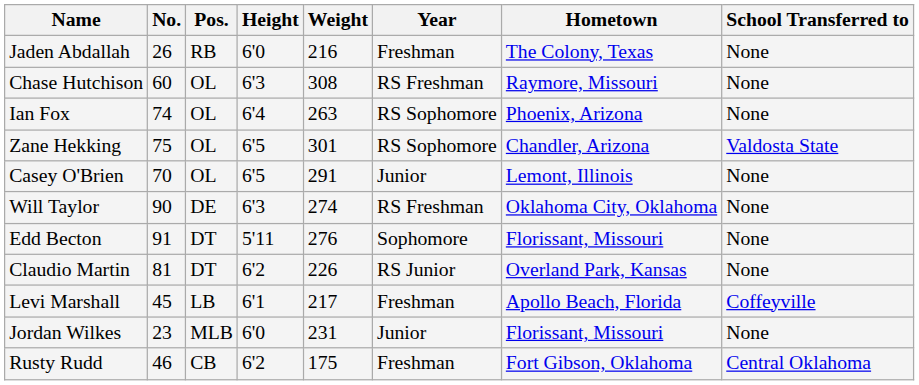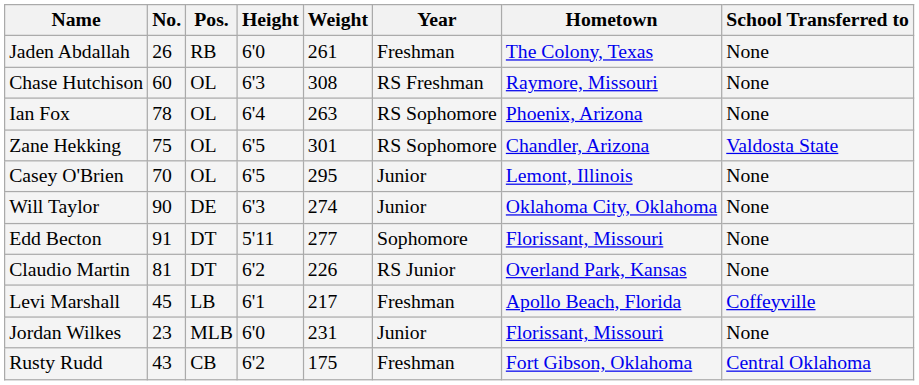 <table class="wikitable sortable">
 <tr>
 <th>Name</th>
 <th>No.</th>
 <th>Pos.</th>
 <th>Height</th>
 <th>Weight</th>
 <th>Year</th>
 <th>Hometown</th>
 <th class="unsortable">School Transferred to</th>
 </tr>
 <tr style="background:#F4F4F4;">
 <td>Jaden Abdallah</td>
 <td>26</td>
 <td>RB</td>
 <td>6'0</td>
-<td>216</td>
+<td>261</td>
 <td>Freshman</td>
 <td><a href='#'>The Colony, Texas</a></td>
 <td>None</td>
 </tr>
 <tr style="background:#F4F4F4;">
 <td>Chase Hutchison</td>
 <td>60</td>
 <td>OL</td>
 <td>6'3</td>
 <td>308</td>
 <td>RS Freshman</td>
 <td><a href='#'>Raymore, Missouri</a></td>
 <td>None</td>
 </tr>
 <tr style="background:#F4F4F4;">
 <td>Ian Fox</td>
-<td>74</td>
+<td>78</td>
 <td>OL</td>
 <td>6'4</td>
 <td>263</td>
 <td>RS Sophomore</td>
 <td><a href='#'>Phoenix, Arizona</a></td>
 <td>None</td>
 </tr>
 <tr style="background:#F4F4F4;">
 <td>Zane Hekking</td>
 <td>75</td>
 <td>OL</td>
 <td>6'5</td>
 <td>301</td>
 <td>RS Sophomore</td>
 <td><a href='#'>Chandler, Arizona</a></td>
 <td><a href='#'>Valdosta State</a></td>
 </tr>
 <tr style="background:#F4F4F4;">
 <td>Casey O'Brien</td>
 <td>70</td>
 <td>OL</td>
 <td>6'5</td>
-<td>291</td>
+<td>295</td>
 <td>Junior</td>
 <td><a href='#'>Lemont, Illinois</a></td>
 <td>None</td>
 </tr>
 <tr style="background:#F4F4F4;">
 <td>Will Taylor</td>
 <td>90</td>
 <td>DE</td>
 <td>6'3</td>
 <td>274</td>
-<td>RS Freshman</td>
+<td>Junior</td>
 <td><a href='#'>Oklahoma City, Oklahoma</a></td>
 <td>None</td>
 </tr>
 <tr style="background:#F4F4F4;">
 <td>Edd Becton</td>
 <td>91</td>
 <td>DT</td>
 <td>5'11</td>
-<td>276</td>
+<td>277</td>
 <td>Sophomore</td>
 <td><a href='#'>Florissant, Missouri</a></td>
 <td>None</td>
 </tr>
 <tr style="background:#F4F4F4;">
 <td>Claudio Martin</td>
 <td>81</td>
 <td>DT</td>
 <td>6'2</td>
 <td>226</td>
 <td>RS Junior</td>
 <td><a href='#'>Overland Park, Kansas</a></td>
 <td>None</td>
 </tr>
 <tr style="background:#F4F4F4;">
 <td>Levi Marshall</td>
 <td>45</td>
 <td>LB</td>
 <td>6'1</td>
 <td>217</td>
 <td>Freshman</td>
 <td><a href='#'>Apollo Beach, Florida</a></td>
 <td><a href='#'>Coffeyville</a></td>
 </tr>
 <tr style="background:#F4F4F4;">
 <td>Jordan Wilkes</td>
 <td>23</td>
 <td>MLB</td>
 <td>6'0</td>
 <td>231</td>
 <td>Junior</td>
 <td><a href='#'>Florissant, Missouri</a></td>
 <td>None</td>
 </tr>
 <tr style="background:#F4F4F4;">
 <td>Rusty Rudd</td>
-<td>46</td>
+<td>43</td>
 <td>CB</td>
 <td>6'2</td>
 <td>175</td>
 <td>Freshman</td>
 <td><a href='#'>Fort Gibson, Oklahoma</a></td>
 <td><a href='#'>Central Oklahoma</a></td>
 </tr>
 </table>
